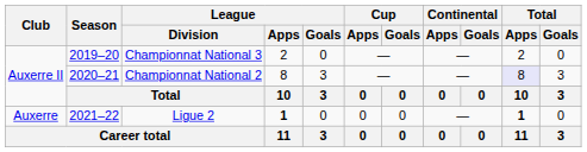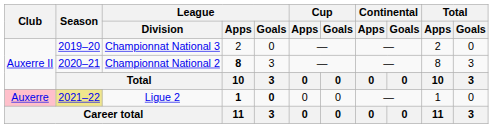 <table class="wikitable" Style="text-align: center">
 <tr>
 <th rowspan="2">Club</th>
 <th rowspan="2">Season</th>
 <th colspan="3">League</th>
 <th colspan="2">Cup</th>
 <th colspan="2">Continental</th>
 <th colspan="2">Total</th>
 </tr>
 <tr>
 <th>Division</th>
 <th>Apps</th>
 <th>Goals</th>
 <th>Apps</th>
 <th>Goals</th>
 <th>Apps</th>
 <th>Goals</th>
 <th>Apps</th>
 <th>Goals</th>
 </tr>
 <tr>
 <td rowspan="3"><a href='#'>Auxerre II</a></td>
 <td><a href='#'>2019–20</a></td>
 <td rowspan="1"><a href='#'>Championnat National 3</a></td>
 <td>2</td>
 <td>0</td>
 <td colspan="2">—</td>
 <td colspan="2">—</td>
 <td>2</td>
 <td>0</td>
 </tr>
 <tr>
 <td><a href='#'>2020–21</a></td>
 <td rowspan="1"><a href='#'>Championnat National 2</a></td>
-<td>8</td>
+<td><strong>8</strong></td>
 <td>3</td>
 <td colspan="2">—</td>
 <td colspan="2">—</td>
-<td style="background: lavender;">8</td>
+<td>8</td>
 <td>3</td>
 </tr>
 <tr>
 <th colspan="2">Total</th>
 <th>10</th>
 <th>3</th>
 <th>0</th>
 <th>0</th>
 <th>0</th>
 <th>0</th>
 <th>10</th>
 <th>3</th>
 </tr>
 <tr>
-<td rowspan="1"><a href='#'>Auxerre</a></td>
-<td><a href='#'>2021–22</a></td>
+<td rowspan="1" style="background: pink;"><a href='#'>Auxerre</a></td>
+<td style="background: khaki;"><a href='#'>2021–22</a></td>
 <td rowspan="1"><a href='#'>Ligue 2</a></td>
 <td><strong>1</strong></td>
-<td>0</td>
+<td><strong>0</strong></td>
 <td>0</td>
 <td>0</td>
 <td colspan="2">—</td>
-<td><strong>1</strong></td>
+<td>1</td>
 <td>0</td>
 </tr>
 <tr>
 <th colspan="3">Career total</th>
 <th>11</th>
 <th>3</th>
 <th>0</th>
 <th>0</th>
 <th>0</th>
 <th>0</th>
 <th>11</th>
 <th>3</th>
 </tr>
 </table>
